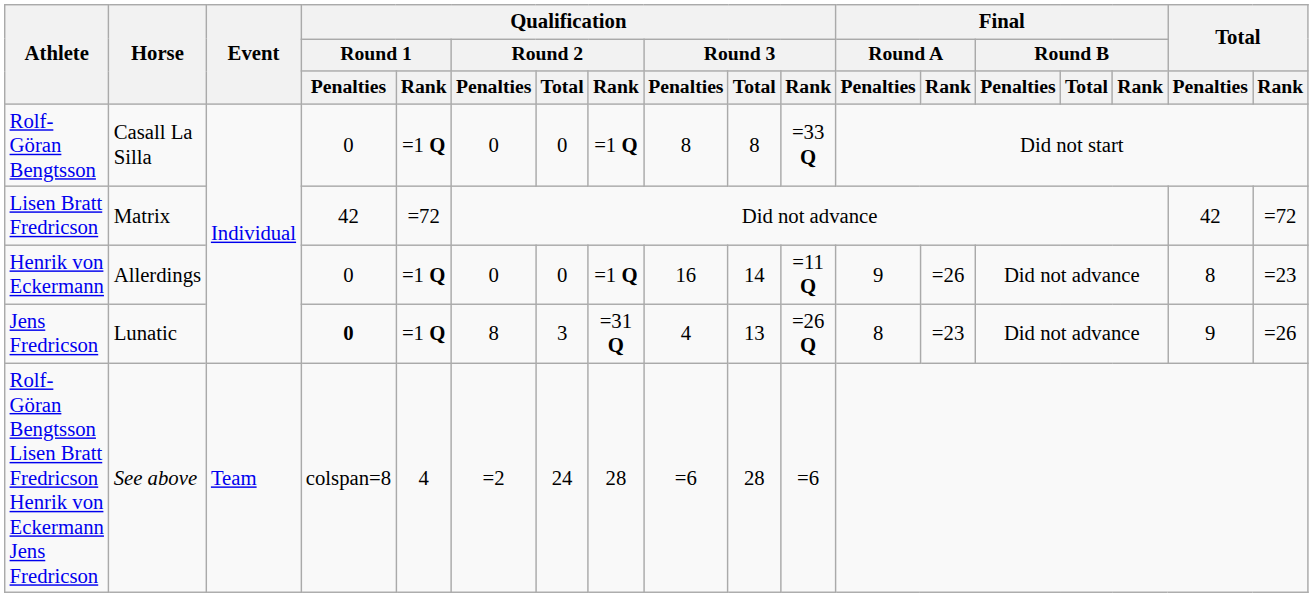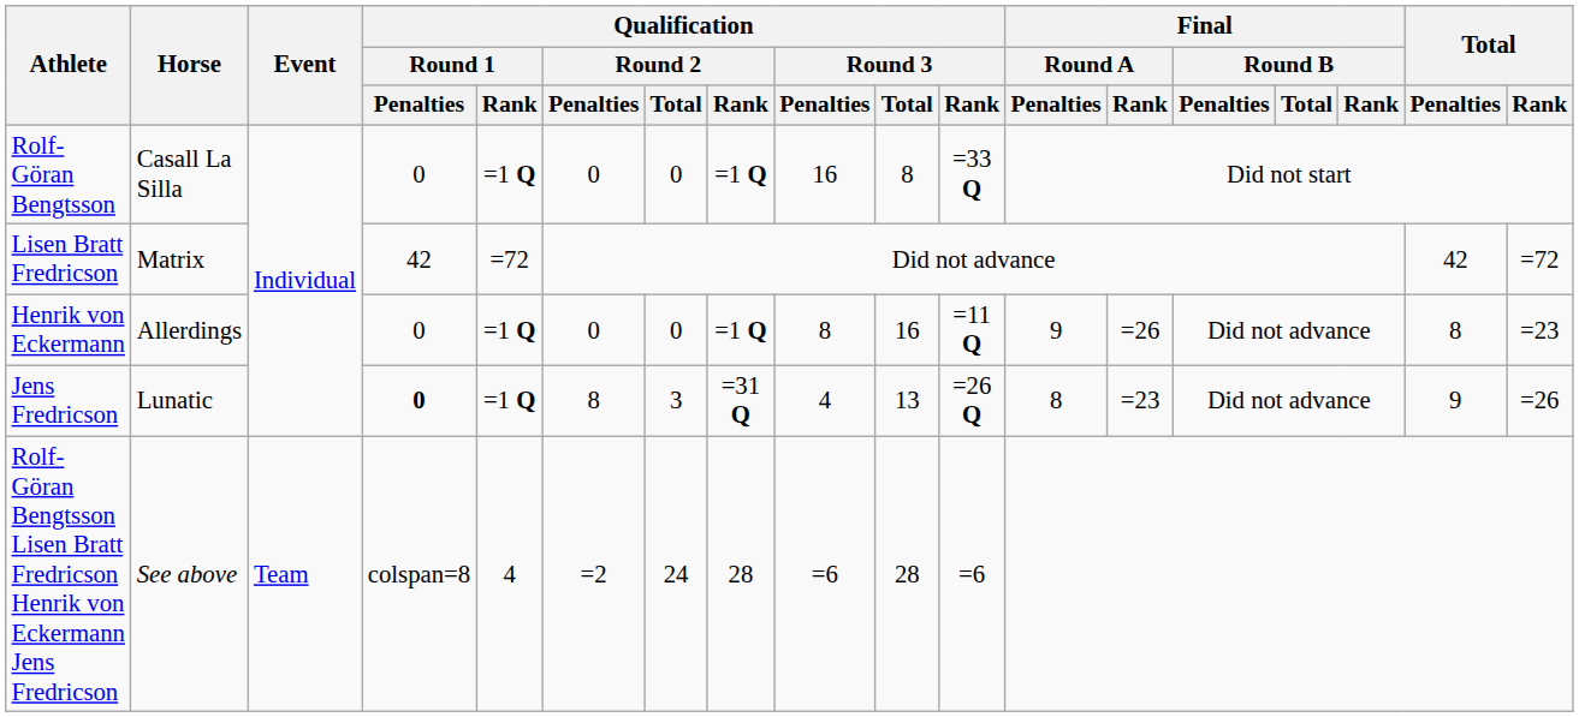 <table class="wikitable" style="font-size:90%">
 <tr>
 <th rowspan="3">Athlete</th>
 <th rowspan="3">Horse</th>
 <th rowspan="3">Event</th>
 <th colspan="8">Qualification</th>
 <th colspan="5">Final</th>
 <th rowspan=2 colspan="2">Total</th>
 </tr>
 <tr style="font-size:95%">
 <th colspan="2">Round 1</th>
 <th colspan="3">Round 2</th>
 <th colspan="3">Round 3</th>
 <th colspan="2">Round A</th>
 <th colspan="3">Round B</th>
 </tr>
 <tr style="font-size:95%">
 <th>Penalties</th>
 <th>Rank</th>
 <th>Penalties</th>
 <th>Total</th>
 <th>Rank</th>
 <th>Penalties</th>
 <th>Total</th>
 <th>Rank</th>
 <th>Penalties</th>
 <th>Rank</th>
 <th>Penalties</th>
 <th>Total</th>
 <th>Rank</th>
 <th>Penalties</th>
 <th>Rank</th>
 </tr>
 <tr align=center>
 <td align=left><a href='#'>Rolf-Göran Bengtsson</a></td>
 <td align=left>Casall La Silla</td>
 <td align=left rowspan=4><a href='#'>Individual</a></td>
 <td>0</td>
 <td>=1 <strong>Q</strong></td>
 <td>0</td>
 <td>0</td>
 <td>=1 <strong>Q</strong></td>
-<td>8</td>
+<td>16</td>
 <td>8</td>
 <td>=33 <strong>Q</strong></td>
 <td colspan=7>Did not start</td>
 </tr>
 <tr align=center>
 <td align=left><a href='#'>Lisen Bratt Fredricson</a></td>
 <td align=left>Matrix</td>
 <td>42</td>
 <td>=72</td>
 <td colspan=11>Did not advance</td>
 <td>42</td>
 <td>=72</td>
 </tr>
 <tr align=center>
 <td align=left><a href='#'>Henrik von Eckermann</a></td>
 <td align=left>Allerdings</td>
 <td>0</td>
 <td>=1 <strong>Q</strong></td>
 <td>0</td>
 <td>0</td>
 <td>=1 <strong>Q</strong></td>
+<td>8</td>
 <td>16</td>
-<td>14</td>
 <td>=11 <strong>Q</strong></td>
 <td>9</td>
 <td>=26</td>
 <td colspan=3>Did not advance</td>
 <td>8</td>
 <td>=23</td>
 </tr>
 <tr align=center>
 <td align=left><a href='#'>Jens Fredricson</a></td>
 <td align=left>Lunatic</td>
 <td><strong>0</strong></td>
 <td>=1 <strong>Q</strong></td>
 <td>8</td>
 <td>3</td>
 <td>=31 <strong>Q</strong></td>
 <td>4</td>
 <td>13</td>
 <td>=26 <strong>Q</strong></td>
 <td>8</td>
 <td>=23</td>
 <td colspan=3>Did not advance</td>
 <td>9</td>
 <td>=26</td>
 </tr>
 <tr align=center>
 <td align=left><a href='#'>Rolf-Göran Bengtsson</a><br><a href='#'>Lisen Bratt Fredricson</a><br><a href='#'>Henrik von Eckermann</a><br><a href='#'>Jens Fredricson</a></td>
 <td align=left><em>See above</em></td>
 <td align=left><a href='#'>Team</a></td>
 <td>colspan=8 </td>
 <td>4</td>
 <td>=2</td>
 <td>24</td>
 <td>28</td>
 <td>=6</td>
 <td>28</td>
 <td>=6</td>
 </tr>
 </table>
